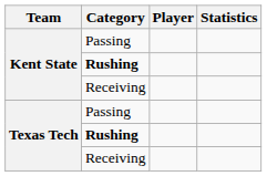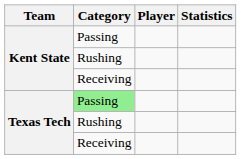 <table class="wikitable" style="float:right">
 <tr>
 <th>Team</th>
 <th>Category</th>
 <th>Player</th>
 <th>Statistics</th>
 </tr>
 <tr>
 <th rowspan=3>Kent State</th>
 <td>Passing</td>
 <td></td>
 <td></td>
 </tr>
 <tr>
-<td><strong>Rushing</strong></td>
+<td>Rushing</td>
 <td></td>
 <td></td>
 </tr>
 <tr>
 <td>Receiving</td>
 <td></td>
 <td></td>
 </tr>
 <tr>
 <th rowspan=3>Texas Tech</th>
-<td>Passing</td>
+<td style="background: lightgreen;">Passing</td>
 <td></td>
 <td></td>
 </tr>
 <tr>
-<td><strong>Rushing</strong></td>
+<td>Rushing</td>
 <td></td>
 <td></td>
 </tr>
 <tr>
 <td>Receiving</td>
 <td></td>
 <td></td>
 </tr>
 </table>
